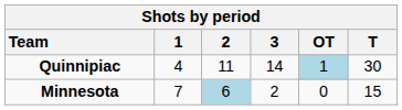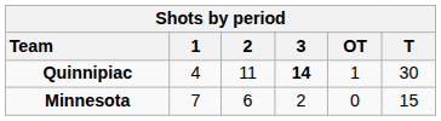 <table class="wikitable" style="width:25em; text-align:right;">
 <tr>
 <th colspan=6>Shots by period</th>
 </tr>
 <tr>
 <th style="width:10em; text-align:left;">Team</th>
 <th style="width:3em;">1</th>
 <th style="width:3em;">2</th>
 <th style="width:3em;">3</th>
 <th style="width:3em;">OT</th>
 <th style="width:3em;">T</th>
 </tr>
 <tr>
 <td align=center><strong>Quinnipiac</strong></td>
 <td align=center>4</td>
 <td align=center>11</td>
-<td align=center>14</td>
-<td align=center style="background: lightblue;">1</td>
+<td align=center><strong>14</strong></td>
+<td align=center>1</td>
 <td align=center>30</td>
 </tr>
 <tr>
 <td align=center><strong>Minnesota</strong></td>
 <td align=center>7</td>
-<td align=center style="background: lightblue;">6</td>
+<td align=center>6</td>
 <td align=center>2</td>
 <td align=center>0</td>
 <td align=center>15</td>
 </tr>
 </table>
